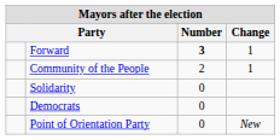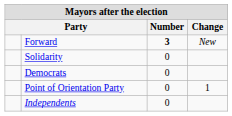 <table class="wikitable" style="margin-left:1em;">
 <tr>
 <td colspan="4" style="background:#dddddd; text-align:center;"><strong>Mayors after the election</strong></td>
 </tr>
 <tr>
 <th colspan="2">Party</th>
 <th style="width:60px;">Number</th>
 <th style="width:60px;">Change</th>
 </tr>
 <tr>
 <td style="width:20px; background:"></td>
 <td style="width:200px; padding-left:5px;"><a href='#'>Forward</a></td>
 <td style="text-align:center;"><strong>3</strong></td>
-<td style="text-align:center;"> 1</td>
-</tr>
-<tr>
-<td style="background:"></td>
-<td style="padding-left:5px;"><a href='#'>Community of the People</a></td>
-<td style="text-align:center;">2</td>
-<td style="text-align:center;"> 1</td>
+<td style="text-align:center;"><em>New</em></td>
 </tr>
 <tr>
 <td style="background:"></td>
 <td style="padding-left:5px;"><a href='#'>Solidarity</a></td>
 <td style="text-align:center;">0</td>
 <td style="text-align:center;"></td>
 </tr>
 <tr>
 <td style="background:"></td>
 <td style="padding-left:5px;"><a href='#'>Democrats</a></td>
 <td style="text-align:center;">0</td>
 <td style="text-align:center;"></td>
 </tr>
 <tr>
 <td style="background:"></td>
 <td style="padding-left:5px;"><a href='#'>Point of Orientation Party</a></td>
 <td style="text-align:center;">0</td>
-<td style="text-align:center;"><em>New</em></td>
+<td style="text-align:center;"> 1</td>
+</tr>
+<tr>
+<td style="background:"></td>
+<td style="padding-left:5px;"><em><a href='#'>Independents</a></em></td>
+<td style="text-align:center;">0</td>
+<td style="text-align:center;"></td>
 </tr>
 </table>
